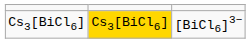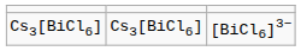 <table class="wikitable" style="margin:1em auto; text-align:center;">
 <tr>
 <td></td>
 <td></td>
 <td></td>
 </tr>
 <tr>
 <td>Cs<sub>3</sub>[BiCl<sub>6</sub>]</td>
-<td style="background: gold;">Cs<sub>3</sub>[BiCl<sub>6</sub>]</td>
+<td>Cs<sub>3</sub>[BiCl<sub>6</sub>]</td>
 <td>[BiCl<sub>6</sub>]<sup>3−</sup></td>
 </tr>
 </table>
